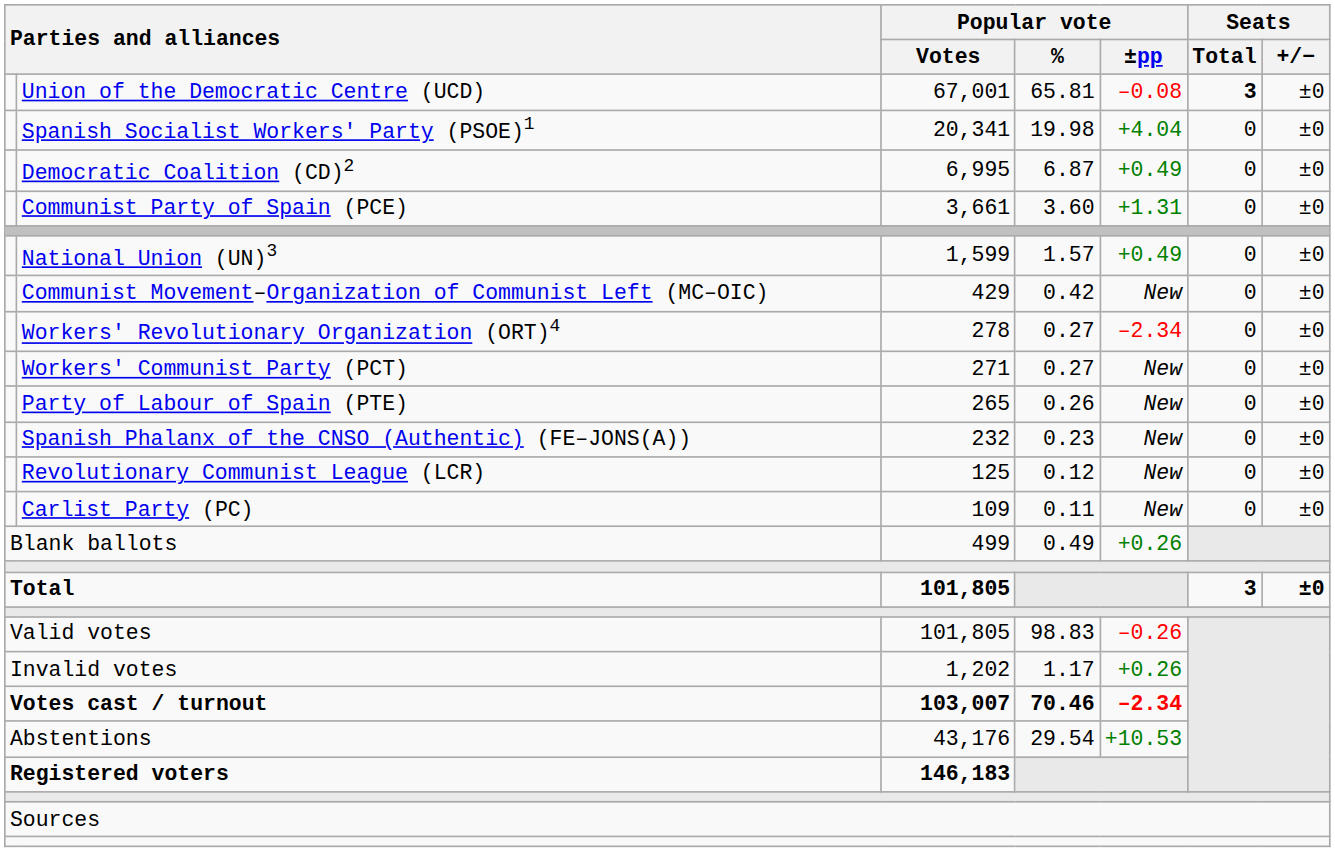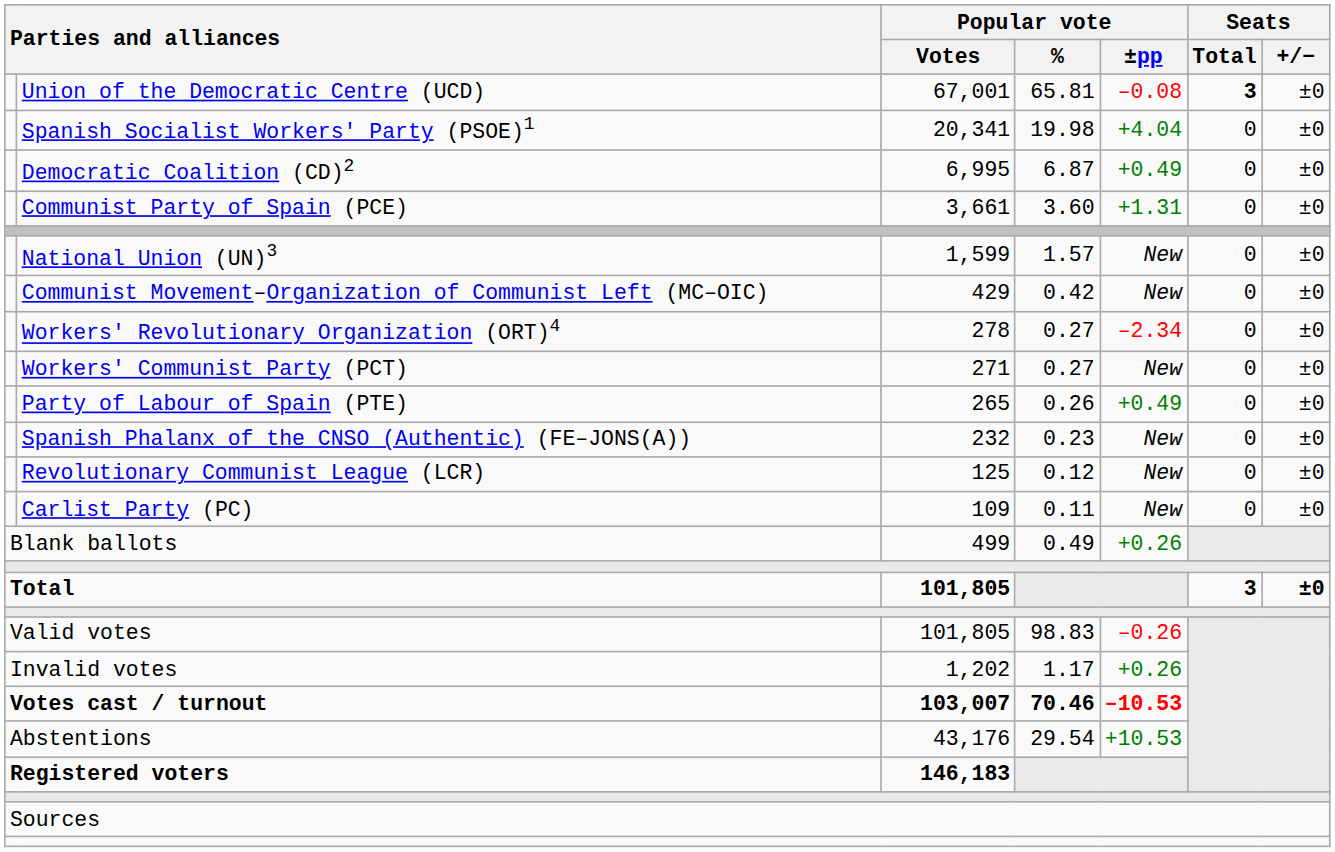 <table class="wikitable" style="text-align:right;">
 <tr>
 <th style="text-align:left;" rowspan="2" colspan="2" width="525">Parties and alliances</th>
 <th colspan="3">Popular vote</th>
 <th colspan="2">Seats</th>
 </tr>
 <tr>
 <th width="75">Votes</th>
 <th width="45">%</th>
 <th width="45">±<a href='#'>pp</a></th>
 <th width="35">Total</th>
 <th width="35">+/−</th>
 </tr>
 <tr>
 <td width="1" style="color:inherit;background:"></td>
 <td align="left"><a href='#'>Union of the Democratic Centre</a> (UCD)</td>
 <td>67,001</td>
 <td>65.81</td>
 <td style="color:red;">–0.08</td>
 <td><strong>3</strong></td>
 <td>±0</td>
 </tr>
 <tr>
 <td style="color:inherit;background:"></td>
 <td align="left"><a href='#'>Spanish Socialist Workers' Party</a> (PSOE)<sup>1</sup></td>
 <td>20,341</td>
 <td>19.98</td>
 <td style="color:green;">+4.04</td>
 <td>0</td>
 <td>±0</td>
 </tr>
 <tr>
 <td style="color:inherit;background:"></td>
 <td align="left"><a href='#'>Democratic Coalition</a> (CD)<sup>2</sup></td>
 <td>6,995</td>
 <td>6.87</td>
 <td style="color:green;">+0.49</td>
 <td>0</td>
 <td>±0</td>
 </tr>
 <tr>
 <td style="color:inherit;background:"></td>
 <td align="left"><a href='#'>Communist Party of Spain</a> (PCE)</td>
 <td>3,661</td>
 <td>3.60</td>
 <td style="color:green;">+1.31</td>
 <td>0</td>
 <td>±0</td>
 </tr>
 <tr>
 <td colspan="7" bgcolor="#C0C0C0"></td>
 </tr>
 <tr>
 <td style="color:inherit;background:"></td>
 <td align="left"><a href='#'>National Union</a> (UN)<sup>3</sup></td>
 <td>1,599</td>
 <td>1.57</td>
-<td style="color:green;">+0.49</td>
+<td><em>New</em></td>
 <td>0</td>
 <td>±0</td>
 </tr>
 <tr>
 <td style="color:inherit;background:"></td>
 <td align="left"><a href='#'>Communist Movement</a>–<a href='#'>Organization of Communist Left</a> (MC–OIC)</td>
 <td>429</td>
 <td>0.42</td>
 <td><em>New</em></td>
 <td>0</td>
 <td>±0</td>
 </tr>
 <tr>
 <td style="color:inherit;background:"></td>
 <td align="left"><a href='#'>Workers' Revolutionary Organization</a> (ORT)<sup>4</sup></td>
 <td>278</td>
 <td>0.27</td>
 <td style="color:red;">–2.34</td>
 <td>0</td>
 <td>±0</td>
 </tr>
 <tr>
 <td style="color:inherit;background:"></td>
 <td align="left"><a href='#'>Workers' Communist Party</a> (PCT)</td>
 <td>271</td>
 <td>0.27</td>
 <td><em>New</em></td>
 <td>0</td>
 <td>±0</td>
 </tr>
 <tr>
 <td style="color:inherit;background:"></td>
 <td align="left"><a href='#'>Party of Labour of Spain</a> (PTE)</td>
 <td>265</td>
 <td>0.26</td>
-<td><em>New</em></td>
+<td style="color:green;">+0.49</td>
 <td>0</td>
 <td>±0</td>
 </tr>
 <tr>
 <td style="color:inherit;background:"></td>
 <td align="left"><a href='#'>Spanish Phalanx of the CNSO (Authentic)</a> (FE–JONS(A))</td>
 <td>232</td>
 <td>0.23</td>
 <td><em>New</em></td>
 <td>0</td>
 <td>±0</td>
 </tr>
 <tr>
 <td style="color:inherit;background:"></td>
 <td align="left"><a href='#'>Revolutionary Communist League</a> (LCR)</td>
 <td>125</td>
 <td>0.12</td>
 <td><em>New</em></td>
 <td>0</td>
 <td>±0</td>
 </tr>
 <tr>
 <td style="color:inherit;background:"></td>
 <td align="left"><a href='#'>Carlist Party</a> (PC)</td>
 <td>109</td>
 <td>0.11</td>
 <td><em>New</em></td>
 <td>0</td>
 <td>±0</td>
 </tr>
 <tr>
 <td align="left" colspan="2">Blank ballots</td>
 <td>499</td>
 <td>0.49</td>
 <td style="color:green;">+0.26</td>
 <td bgcolor="#E9E9E9" colspan="2"></td>
 </tr>
 <tr>
 <td colspan="7" bgcolor="#E9E9E9"></td>
 </tr>
 <tr style="font-weight:bold;">
 <td align="left" colspan="2">Total</td>
 <td>101,805</td>
 <td bgcolor="#E9E9E9" colspan="2"></td>
 <td>3</td>
 <td>±0</td>
 </tr>
 <tr>
 <td colspan="7" bgcolor="#E9E9E9"></td>
 </tr>
 <tr>
 <td align="left" colspan="2">Valid votes</td>
 <td>101,805</td>
 <td>98.83</td>
 <td style="color:red;">–0.26</td>
 <td bgcolor="#E9E9E9" colspan="2" rowspan="5"></td>
 </tr>
 <tr>
 <td align="left" colspan="2">Invalid votes</td>
 <td>1,202</td>
 <td>1.17</td>
 <td style="color:green;">+0.26</td>
 </tr>
 <tr style="font-weight:bold;">
 <td align="left" colspan="2">Votes cast / turnout</td>
 <td>103,007</td>
 <td>70.46</td>
-<td style="color:red;">–2.34</td>
+<td style="color:red;">–10.53</td>
 </tr>
 <tr>
 <td align="left" colspan="2">Abstentions</td>
 <td>43,176</td>
 <td>29.54</td>
 <td style="color:green;">+10.53</td>
 </tr>
 <tr style="font-weight:bold;">
 <td align="left" colspan="2">Registered voters</td>
 <td>146,183</td>
 <td bgcolor="#E9E9E9" colspan="2"></td>
 </tr>
 <tr>
 <td colspan="7" bgcolor="#E9E9E9"></td>
 </tr>
 <tr>
 <td align="left" colspan="7">Sources</td>
 </tr>
 <tr>
 <td colspan="7" style="text-align:left; max-width:790px;"></td>
 </tr>
 </table>
